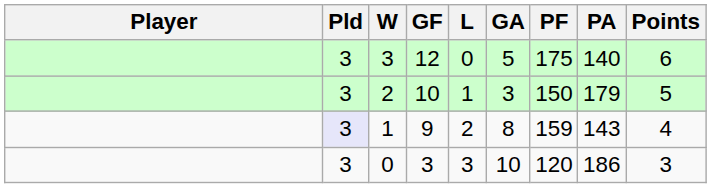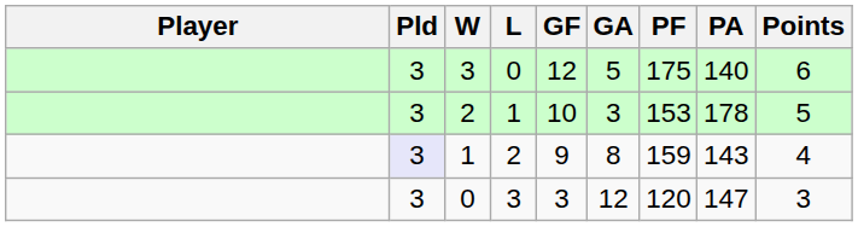 <table class=wikitable style="text-align:center">
 <tr>
 <th width=220>Player</th>
 <th width=20>Pld</th>
 <th width=20>W</th>
+<th width=20>L</th>
 <th width=20>GF</th>
-<th width=20>L</th>
 <th width=20>GA</th>
 <th width=20>PF</th>
 <th width=20>PA</th>
 <th width=50>Points</th>
 </tr>
 <tr bgcolor="#ccffcc">
 <td align=left></td>
 <td>3</td>
 <td>3</td>
+<td>0</td>
 <td>12</td>
-<td>0</td>
 <td>5</td>
 <td>175</td>
 <td>140</td>
 <td>6</td>
 </tr>
 <tr bgcolor="#ccffcc">
 <td align=left></td>
 <td>3</td>
 <td>2</td>
+<td>1</td>
 <td>10</td>
-<td>1</td>
 <td>3</td>
-<td>150</td>
-<td>179</td>
+<td>153</td>
+<td>178</td>
 <td>5</td>
 </tr>
 <tr>
 <td align=left></td>
 <td style="background: lavender;">3</td>
 <td>1</td>
+<td>2</td>
 <td>9</td>
-<td>2</td>
 <td>8</td>
 <td>159</td>
 <td>143</td>
 <td>4</td>
 </tr>
 <tr>
 <td align=left></td>
 <td>3</td>
 <td>0</td>
 <td>3</td>
 <td>3</td>
-<td>10</td>
+<td>12</td>
 <td>120</td>
-<td>186</td>
+<td>147</td>
 <td>3</td>
 </tr>
 </table>
